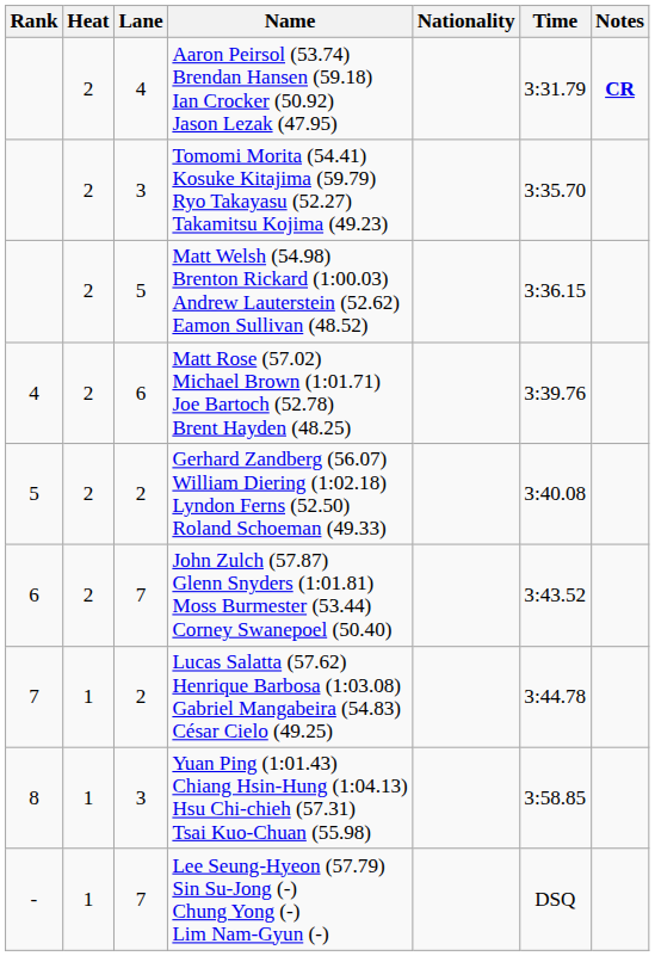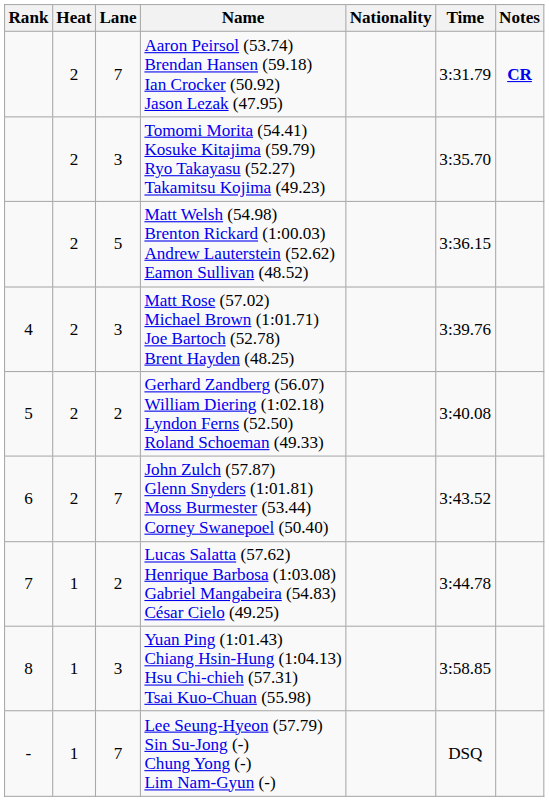 <table class="wikitable sortable" style="text-align:center">
 <tr>
 <th>Rank</th>
 <th>Heat</th>
 <th>Lane</th>
 <th>Name</th>
 <th>Nationality</th>
 <th>Time</th>
 <th>Notes</th>
 </tr>
 <tr>
 <td></td>
 <td>2</td>
-<td>4</td>
+<td>7</td>
 <td align=left><a href='#'>Aaron Peirsol</a> (53.74) <br><a href='#'>Brendan Hansen</a> (59.18) <br><a href='#'>Ian Crocker</a> (50.92) <br><a href='#'>Jason Lezak</a> (47.95)</td>
 <td align=left></td>
 <td>3:31.79</td>
 <td><strong><a href='#'>CR</a></strong></td>
 </tr>
 <tr>
 <td></td>
 <td>2</td>
 <td>3</td>
 <td align=left><a href='#'>Tomomi Morita</a> (54.41) <br><a href='#'>Kosuke Kitajima</a> (59.79) <br><a href='#'>Ryo Takayasu</a> (52.27) <br><a href='#'>Takamitsu Kojima</a> (49.23)</td>
 <td align=left></td>
 <td>3:35.70</td>
 <td></td>
 </tr>
 <tr>
 <td></td>
 <td>2</td>
 <td>5</td>
 <td align=left><a href='#'>Matt Welsh</a> (54.98) <br><a href='#'>Brenton Rickard</a> (1:00.03) <br><a href='#'>Andrew Lauterstein</a> (52.62) <br><a href='#'>Eamon Sullivan</a> (48.52)</td>
 <td align=left></td>
 <td>3:36.15</td>
 <td></td>
 </tr>
 <tr>
 <td>4</td>
 <td>2</td>
-<td>6</td>
+<td>3</td>
 <td align=left><a href='#'>Matt Rose</a> (57.02) <br><a href='#'>Michael Brown</a> (1:01.71) <br><a href='#'>Joe Bartoch</a> (52.78) <br><a href='#'>Brent Hayden</a> (48.25)</td>
 <td align=left></td>
 <td>3:39.76</td>
 <td></td>
 </tr>
 <tr>
 <td>5</td>
 <td>2</td>
 <td>2</td>
 <td align=left><a href='#'>Gerhard Zandberg</a> (56.07) <br><a href='#'>William Diering</a> (1:02.18) <br><a href='#'>Lyndon Ferns</a> (52.50) <br><a href='#'>Roland Schoeman</a> (49.33)</td>
 <td align=left></td>
 <td>3:40.08</td>
 <td></td>
 </tr>
 <tr>
 <td>6</td>
 <td>2</td>
 <td>7</td>
 <td align=left><a href='#'>John Zulch</a> (57.87) <br> <a href='#'>Glenn Snyders</a> (1:01.81) <br> <a href='#'>Moss Burmester</a> (53.44) <br> <a href='#'>Corney Swanepoel</a> (50.40)</td>
 <td align=left></td>
 <td>3:43.52</td>
 <td></td>
 </tr>
 <tr>
 <td>7</td>
 <td>1</td>
 <td>2</td>
 <td align=left><a href='#'>Lucas Salatta</a> (57.62) <br> <a href='#'>Henrique Barbosa</a> (1:03.08) <br> <a href='#'>Gabriel Mangabeira</a> (54.83) <br> <a href='#'>César Cielo</a> (49.25)</td>
 <td align=left></td>
 <td>3:44.78</td>
 <td></td>
 </tr>
 <tr>
 <td>8</td>
 <td>1</td>
 <td>3</td>
 <td align=left><a href='#'>Yuan Ping</a> (1:01.43) <br><a href='#'>Chiang Hsin-Hung</a> (1:04.13) <br><a href='#'>Hsu Chi-chieh</a> (57.31) <br><a href='#'>Tsai Kuo-Chuan</a> (55.98)</td>
 <td align=left></td>
 <td>3:58.85</td>
 <td></td>
 </tr>
 <tr>
 <td>-</td>
 <td>1</td>
 <td>7</td>
 <td align=left><a href='#'>Lee Seung-Hyeon</a> (57.79) <br><a href='#'>Sin Su-Jong</a> (-) <br><a href='#'>Chung Yong</a> (-) <br><a href='#'>Lim Nam-Gyun</a> (-)</td>
 <td align=left></td>
 <td>DSQ</td>
 <td></td>
 </tr>
 </table>
